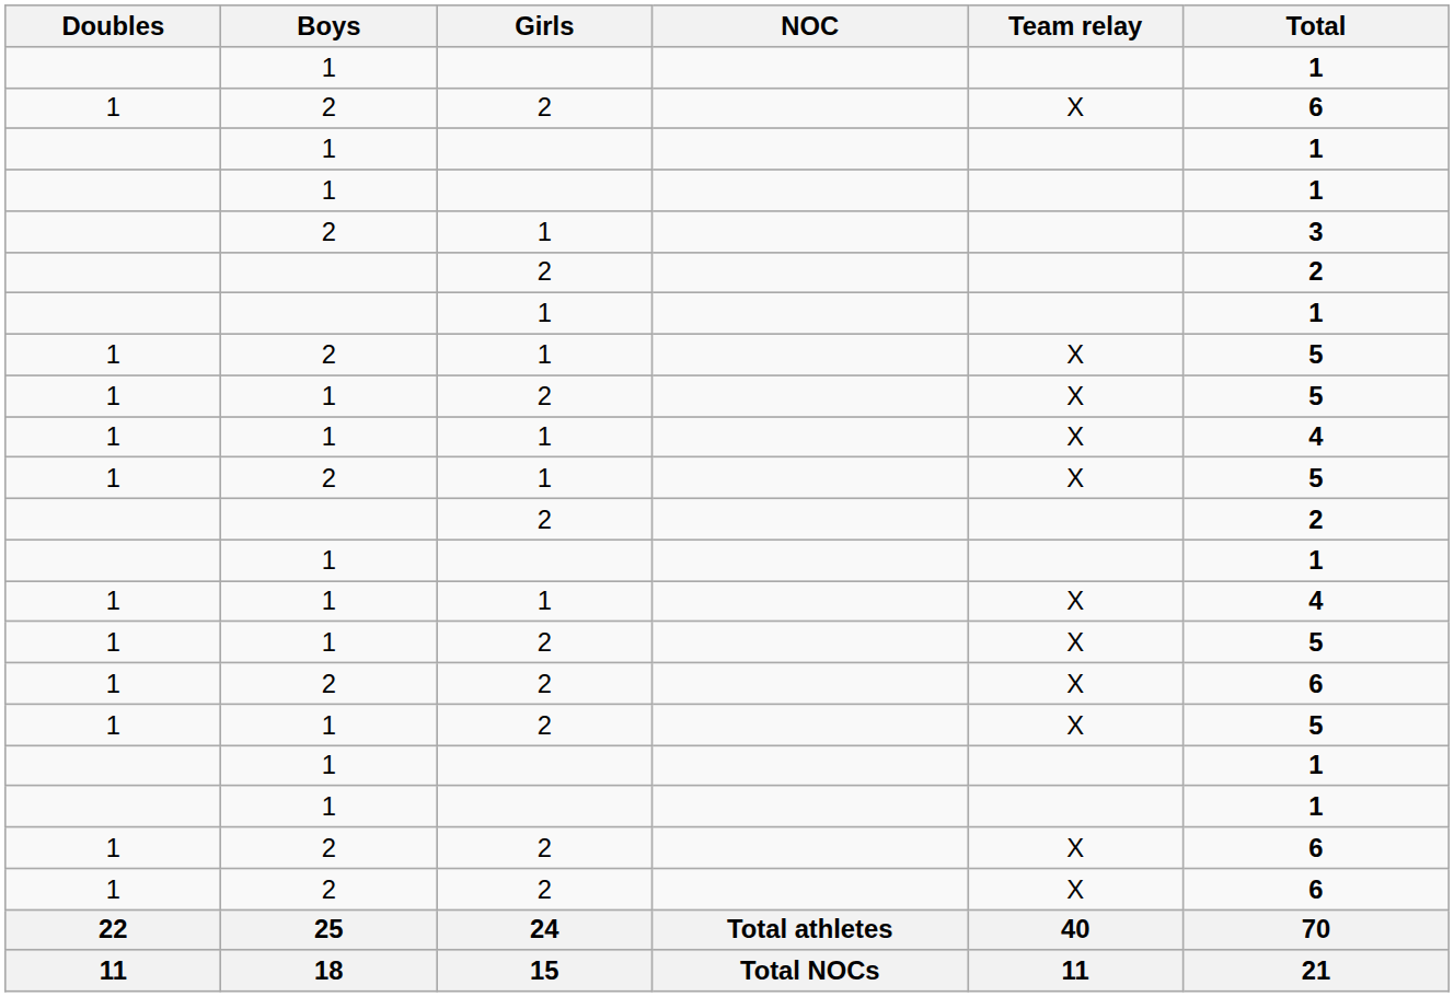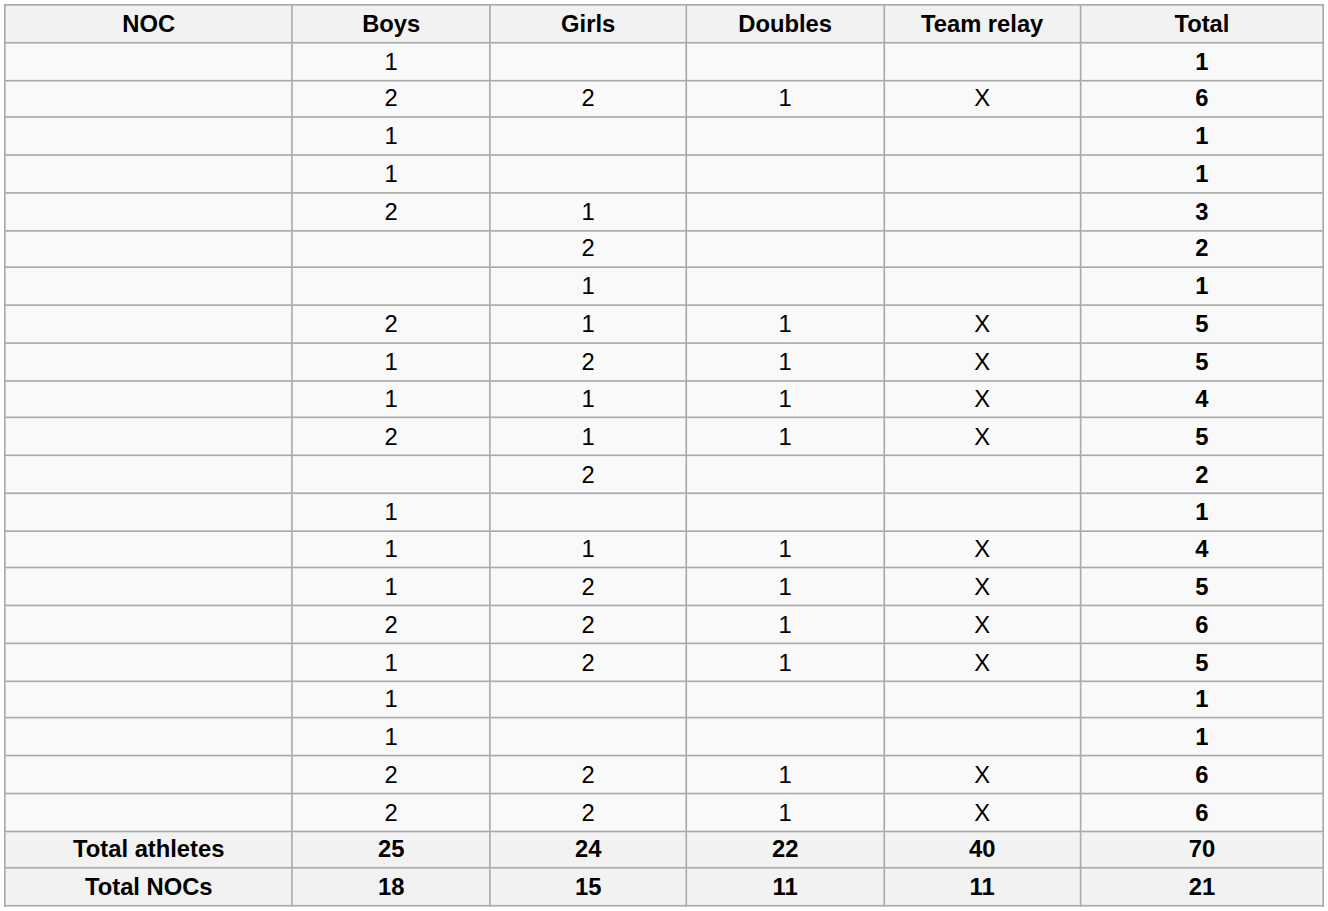 <table class="wikitable collapsible sortable"  style="width:800px; text-align:center; font-size:90%;">
 <tr>
-<th width=80><strong>Doubles</strong></th>
+<th style="text-align:center; width:120px;"><strong>NOC</strong></th>
 <th width=80><strong>Boys</strong></th>
 <th width=80><strong>Girls</strong></th>
-<th style="text-align:center; width:120px;"><strong>NOC</strong></th>
+<th width=80><strong>Doubles</strong></th>
 <th width=80><strong>Team relay</strong></th>
 <th width=100><strong>Total</strong></th>
 </tr>
 <tr>
-<td></td>
+<td align=left></td>
 <td>1</td>
 <td></td>
-<td align=left></td>
+<td></td>
 <td></td>
 <td><strong>1</strong></td>
 </tr>
 <tr>
-<td>1</td>
+<td align=left></td>
 <td>2</td>
 <td>2</td>
-<td align=left></td>
+<td>1</td>
 <td>X</td>
 <td><strong>6</strong></td>
 </tr>
 <tr>
-<td></td>
+<td align=left></td>
 <td>1</td>
 <td></td>
-<td align=left></td>
+<td></td>
 <td></td>
 <td><strong>1</strong></td>
 </tr>
 <tr>
-<td></td>
+<td align=left></td>
 <td>1</td>
 <td></td>
-<td align=left></td>
+<td></td>
 <td></td>
 <td><strong>1</strong></td>
 </tr>
 <tr>
-<td></td>
+<td align=left></td>
 <td>2</td>
 <td>1</td>
-<td align=left></td>
+<td></td>
 <td></td>
 <td><strong>3</strong></td>
 </tr>
 <tr>
-<td></td>
+<td align=left></td>
 <td></td>
 <td>2</td>
-<td align=left></td>
+<td></td>
 <td></td>
 <td><strong>2</strong></td>
 </tr>
 <tr>
-<td></td>
+<td align=left></td>
 <td></td>
 <td>1</td>
-<td align=left></td>
+<td></td>
 <td></td>
 <td><strong>1</strong></td>
 </tr>
 <tr>
-<td>1</td>
+<td align=left></td>
 <td>2</td>
 <td>1</td>
-<td align=left></td>
+<td>1</td>
 <td>X</td>
 <td><strong>5</strong></td>
 </tr>
 <tr>
-<td>1</td>
+<td align=left></td>
 <td>1</td>
 <td>2</td>
-<td align=left></td>
+<td>1</td>
 <td>X</td>
 <td><strong>5</strong></td>
 </tr>
 <tr>
+<td align=left></td>
 <td>1</td>
 <td>1</td>
 <td>1</td>
-<td align=left></td>
 <td>X</td>
 <td><strong>4</strong></td>
 </tr>
 <tr>
-<td>1</td>
+<td align=left></td>
 <td>2</td>
 <td>1</td>
-<td align=left></td>
+<td>1</td>
 <td>X</td>
 <td><strong>5</strong></td>
 </tr>
 <tr>
-<td></td>
+<td align=left></td>
 <td></td>
 <td>2</td>
-<td align=left></td>
+<td></td>
 <td></td>
 <td><strong>2</strong></td>
 </tr>
 <tr>
-<td></td>
+<td align=left></td>
 <td>1</td>
 <td></td>
-<td align=left></td>
+<td></td>
 <td></td>
 <td><strong>1</strong></td>
 </tr>
 <tr>
+<td align=left></td>
 <td>1</td>
 <td>1</td>
 <td>1</td>
-<td align=left></td>
 <td>X</td>
 <td><strong>4</strong></td>
 </tr>
 <tr>
-<td>1</td>
+<td align=left></td>
 <td>1</td>
 <td>2</td>
-<td align=left></td>
+<td>1</td>
 <td>X</td>
 <td><strong>5</strong></td>
 </tr>
 <tr>
-<td>1</td>
+<td align=left></td>
 <td>2</td>
 <td>2</td>
-<td align=left></td>
+<td>1</td>
 <td>X</td>
 <td><strong>6</strong></td>
 </tr>
 <tr>
-<td>1</td>
+<td align=left></td>
 <td>1</td>
 <td>2</td>
-<td align=left></td>
+<td>1</td>
 <td>X</td>
 <td><strong>5</strong></td>
 </tr>
 <tr>
-<td></td>
+<td align=left></td>
 <td>1</td>
 <td></td>
-<td align=left></td>
+<td></td>
 <td></td>
 <td><strong>1</strong></td>
 </tr>
 <tr>
-<td></td>
+<td align=left></td>
 <td>1</td>
 <td></td>
-<td align=left></td>
+<td></td>
 <td></td>
 <td><strong>1</strong></td>
 </tr>
 <tr>
-<td>1</td>
+<td align=left></td>
 <td>2</td>
 <td>2</td>
-<td align=left></td>
+<td>1</td>
 <td>X</td>
 <td><strong>6</strong></td>
 </tr>
 <tr>
-<td>1</td>
+<td align=left></td>
 <td>2</td>
 <td>2</td>
-<td align=left></td>
+<td>1</td>
 <td>X</td>
 <td><strong>6</strong></td>
 </tr>
 <tr class="sortbottom">
-<th>22</th>
+<th>Total athletes</th>
 <th>25</th>
 <th>24</th>
-<th>Total athletes</th>
+<th>22</th>
 <th>40</th>
 <th><strong>70</strong></th>
 </tr>
 <tr class="sortbottom">
-<th>11</th>
+<th>Total NOCs</th>
 <th>18</th>
 <th>15</th>
-<th>Total NOCs</th>
+<th>11</th>
 <th>11</th>
 <th><strong>21</strong></th>
 </tr>
 </table>
